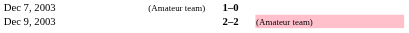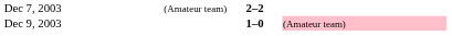 <table width=100% cellspacing=1>
 <tr>
 <th width=120></th>
 <th width=220></th>
 <th width=70></th>
 <th width=220></th>
 <th></th>
 </tr>
 <tr>
 <td align=right>Dec 7, 2003</td>
 <td align=right><small>(Amateur team)</small> <strong></strong></td>
-<td align=center><strong>1–0</strong></td>
+<td align=center><strong>2–2</strong></td>
 <td><strong></strong></td>
 </tr>
 <tr>
 <td align=right>Dec 9, 2003</td>
 <td align=right><strong></strong></td>
-<td align=center><strong>2–2</strong></td>
+<td align=center><strong>1–0</strong></td>
 <td style="background: pink;"><strong></strong> <small>(Amateur team)</small></td>
 </tr>
 </table>
